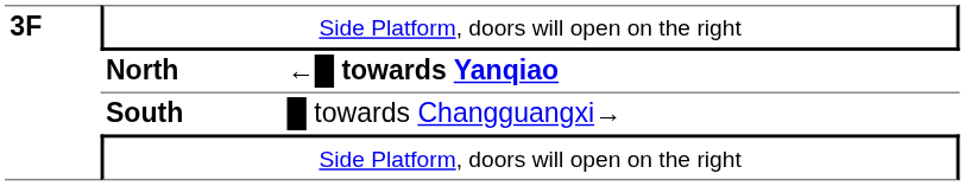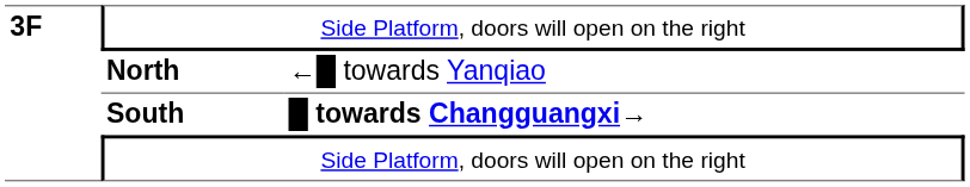 <table table border=0 cellspacing=0 cellpadding=3>
 <tr>
 <td style="border-top:solid 1px gray;border-bottom:solid 1px gray;" width=50 rowspan=4 valign=top><strong>3F</strong></td>
 <td style="border-right:solid 2px black;border-left:solid 2px black;border-bottom:solid 2px black;border-top:solid 1px gray;text-align:center;" colspan=2><small><a href='#'>Side Platform</a>, doors will open on the right</small></td>
 </tr>
 <tr>
 <td style="border-bottom:solid 1px gray;" width=100><strong>North</strong></td>
-<td style="border-bottom:solid 1px gray;" width=390><strong>←<span>█</span>  towards <a href='#'>Yanqiao</a></strong></td>
+<td style="border-bottom:solid 1px gray;" width=390>←<span>█</span>  towards <a href='#'>Yanqiao</a></td>
 </tr>
 <tr>
 <td><strong>South</strong></td>
-<td><span>█</span> towards <a href='#'>Changguangxi</a>→</td>
+<td><strong><span>█</span> towards <a href='#'>Changguangxi</a>→</strong></td>
 </tr>
 <tr>
 <td style="border-top:solid 2px black;border-right:solid 2px black;border-left:solid 2px black;border-bottom:solid 1px gray;text-align:center;" colspan=2><small><a href='#'>Side Platform</a>, doors will open on the right</small></td>
 </tr>
 </table>
